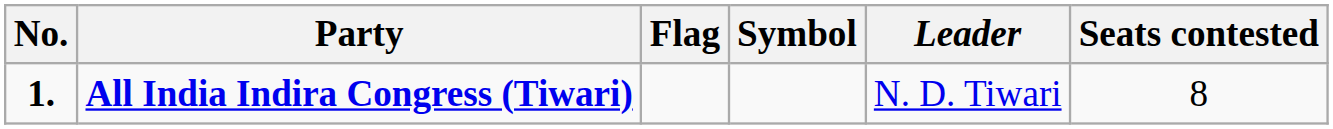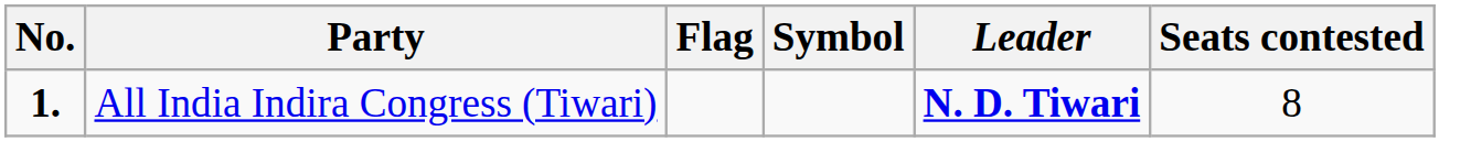 <table class="wikitable">
 <tr>
 <th>No.</th>
 <th>Party</th>
 <th><strong>Flag</strong></th>
 <th>Symbol</th>
 <th><em>Leader</em></th>
 <th>Seats contested</th>
 </tr>
 <tr>
 <td ! style="text-align:center; background:"><strong>1.</strong></td>
-<td style="text-align:center"><strong><a href='#'>All India Indira Congress (Tiwari)</a></strong></td>
+<td style="text-align:center"><a href='#'>All India Indira Congress (Tiwari)</a></td>
 <td></td>
 <td></td>
-<td style="text-align:center"><a href='#'>N. D. Tiwari</a></td>
+<td style="text-align:center"><strong><a href='#'>N. D. Tiwari</a></strong></td>
 <td style="text-align:center">8</td>
 </tr>
 </table>
